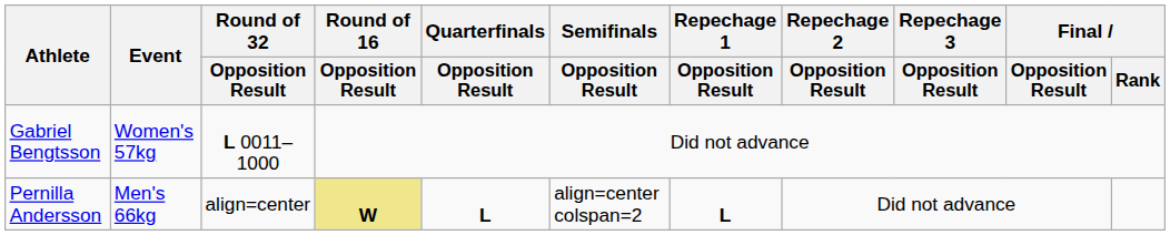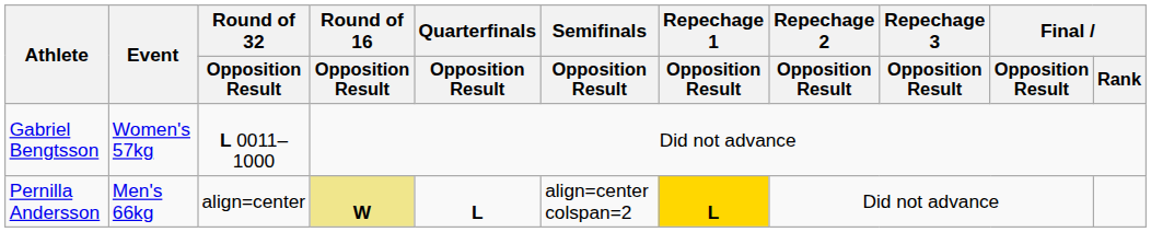 <table class="wikitable" style="font-size:90%">
 <tr>
 <th rowspan="2">Athlete</th>
 <th rowspan="2">Event</th>
 <th>Round of 32</th>
 <th>Round of 16</th>
 <th>Quarterfinals</th>
 <th>Semifinals</th>
 <th>Repechage 1</th>
 <th>Repechage 2</th>
 <th>Repechage 3</th>
 <th colspan=2>Final / </th>
 </tr>
 <tr style="font-size:95%">
 <th>Opposition<br>Result</th>
 <th>Opposition<br>Result</th>
 <th>Opposition<br>Result</th>
 <th>Opposition<br>Result</th>
 <th>Opposition<br>Result</th>
 <th>Opposition<br>Result</th>
 <th>Opposition<br>Result</th>
 <th>Opposition<br>Result</th>
 <th>Rank</th>
 </tr>
 <tr>
 <td align=left><a href='#'>Gabriel Bengtsson</a></td>
 <td align=left><a href='#'>Women's 57kg</a></td>
 <td align=center><br><strong>L</strong> 0011–1000</td>
 <td align=center colspan=8>Did not advance</td>
 </tr>
 <tr>
 <td align=left><a href='#'>Pernilla Andersson</a></td>
 <td align=left><a href='#'>Men's 66kg</a></td>
 <td>align=center </td>
 <td align=center style="background: khaki;"><br><strong>W</strong></td>
 <td align=center><br><strong>L</strong></td>
 <td>align=center colspan=2 </td>
-<td align=center><br><strong>L</strong></td>
+<td align=center style="background: gold;"><br><strong>L</strong></td>
 <td align=center colspan=3>Did not advance</td>
 </tr>
 </table>
